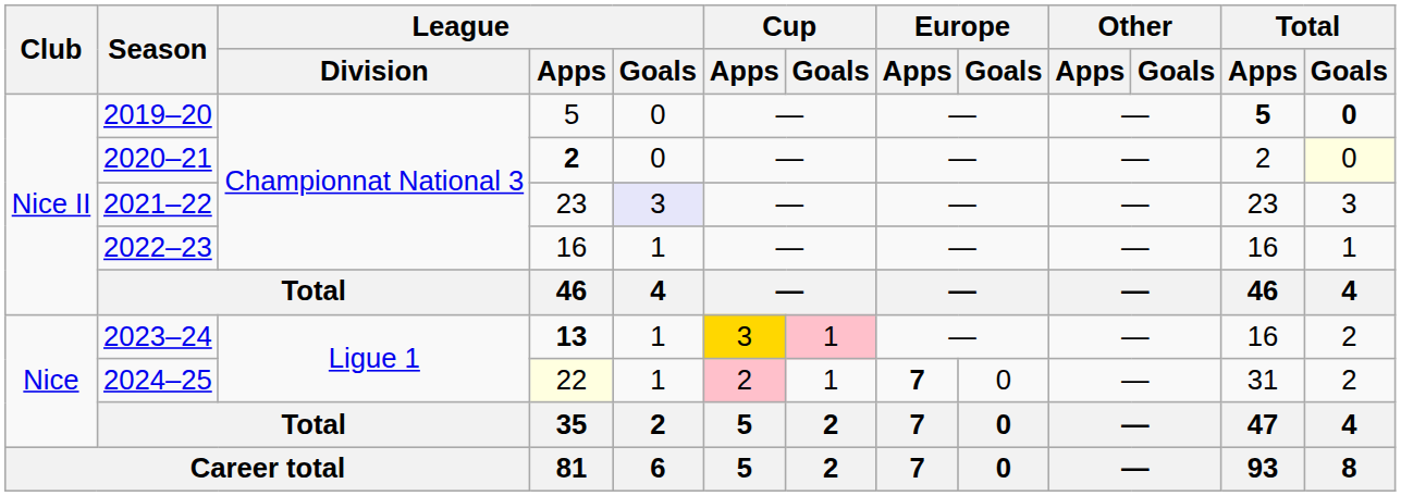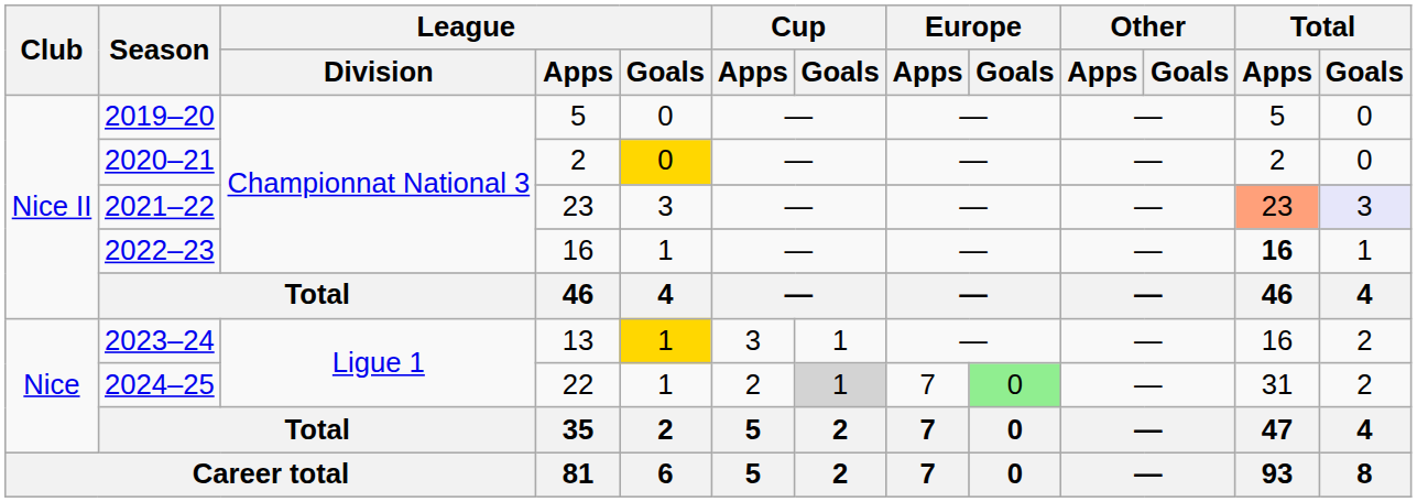 <table class="wikitable" style="text-align: center">
 <tr>
 <th rowspan="2">Club</th>
 <th rowspan="2">Season</th>
 <th colspan="3">League</th>
 <th colspan="2">Cup</th>
 <th colspan="2">Europe</th>
 <th colspan="2">Other</th>
 <th colspan="2">Total</th>
 </tr>
 <tr>
 <th>Division</th>
 <th>Apps</th>
 <th>Goals</th>
 <th>Apps</th>
 <th>Goals</th>
 <th>Apps</th>
 <th>Goals</th>
 <th>Apps</th>
 <th>Goals</th>
 <th>Apps</th>
 <th>Goals</th>
 </tr>
 <tr>
 <td rowspan="5"><a href='#'>Nice II</a></td>
 <td><a href='#'>2019–20</a></td>
 <td rowspan="4"><a href='#'>Championnat National 3</a></td>
 <td>5</td>
 <td>0</td>
 <td colspan="2">—</td>
 <td colspan="2">—</td>
 <td colspan="2">—</td>
-<td><strong>5</strong></td>
-<td><strong>0</strong></td>
+<td>5</td>
+<td>0</td>
 </tr>
 <tr>
 <td><a href='#'>2020–21</a></td>
-<td><strong>2</strong></td>
-<td>0</td>
+<td>2</td>
+<td style="background: gold;">0</td>
 <td colspan="2">—</td>
 <td colspan="2">—</td>
 <td colspan="2">—</td>
 <td>2</td>
-<td style="background: lightyellow;">0</td>
+<td>0</td>
 </tr>
 <tr>
 <td><a href='#'>2021–22</a></td>
 <td>23</td>
-<td style="background: lavender;">3</td>
+<td>3</td>
 <td colspan="2">—</td>
 <td colspan="2">—</td>
 <td colspan="2">—</td>
-<td>23</td>
-<td>3</td>
+<td style="background: lightsalmon;">23</td>
+<td style="background: lavender;">3</td>
 </tr>
 <tr>
 <td><a href='#'>2022–23</a></td>
 <td>16</td>
 <td>1</td>
 <td colspan="2">—</td>
 <td colspan="2">—</td>
 <td colspan="2">—</td>
-<td>16</td>
+<td><strong>16</strong></td>
 <td>1</td>
 </tr>
 <tr>
 <th colspan="2">Total</th>
 <th>46</th>
 <th>4</th>
 <th colspan="2">—</th>
 <th colspan="2">—</th>
 <th colspan="2">—</th>
 <th>46</th>
 <th>4</th>
 </tr>
 <tr>
 <td rowspan="3"><a href='#'>Nice</a></td>
 <td><a href='#'>2023–24</a></td>
 <td rowspan="2"><a href='#'>Ligue 1</a></td>
-<td><strong>13</strong></td>
+<td>13</td>
+<td style="background: gold;">1</td>
+<td>3</td>
 <td>1</td>
-<td style="background: gold;">3</td>
-<td style="background: pink;">1</td>
 <td colspan="2">—</td>
 <td colspan="2">—</td>
 <td>16</td>
 <td>2</td>
 </tr>
 <tr>
 <td><a href='#'>2024–25</a></td>
-<td style="background: lightyellow;">22</td>
+<td>22</td>
 <td>1</td>
-<td style="background: pink;">2</td>
-<td>1</td>
-<td><strong>7</strong></td>
-<td>0</td>
+<td>2</td>
+<td style="background: lightgrey;">1</td>
+<td>7</td>
+<td style="background: lightgreen;">0</td>
 <td colspan="2">—</td>
 <td>31</td>
 <td>2</td>
 </tr>
 <tr>
 <th colspan="2">Total</th>
 <th>35</th>
 <th>2</th>
 <th>5</th>
 <th>2</th>
 <th>7</th>
 <th>0</th>
 <th colspan="2">—</th>
 <th>47</th>
 <th>4</th>
 </tr>
 <tr>
 <th colspan="3">Career total</th>
 <th>81</th>
 <th>6</th>
 <th>5</th>
 <th>2</th>
 <th>7</th>
 <th>0</th>
 <th colspan="2">—</th>
 <th>93</th>
 <th>8</th>
 </tr>
 </table>
